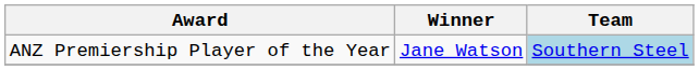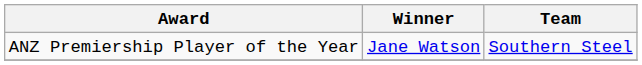 <table class="wikitable collapsible">
 <tr>
 <th>Award</th>
 <th>Winner</th>
 <th>Team</th>
 </tr>
 <tr>
 <td>ANZ Premiership Player of the Year</td>
 <td><a href='#'>Jane Watson</a></td>
-<td style="background: lightblue;"><a href='#'>Southern Steel</a></td>
+<td><a href='#'>Southern Steel</a></td>
 </tr>
 <tr>
 </tr>
 </table>
